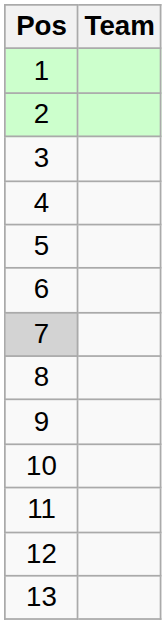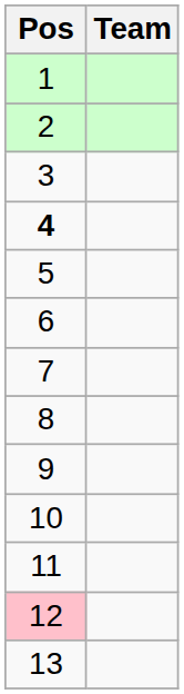 <table class="wikitable" style="text-align:center;">
 <tr>
 <th width="35">Pos</th>
 <th>Team</th>
 </tr>
 <tr bgcolor="ccffcc">
 <td>1</td>
 <td align="left"></td>
 </tr>
 <tr bgcolor="ccffcc">
 <td>2</td>
 <td align="left"></td>
 </tr>
 <tr>
 <td>3</td>
 <td align="left"></td>
 </tr>
 <tr>
-<td>4</td>
+<td><strong>4</strong></td>
 <td align="left"></td>
 </tr>
 <tr>
 <td>5</td>
 <td align="left"></td>
 </tr>
 <tr>
 <td>6</td>
 <td align="left"></td>
 </tr>
 <tr>
-<td style="background: lightgrey;">7</td>
+<td>7</td>
 <td align="left"></td>
 </tr>
 <tr>
 <td>8</td>
 <td align="left"></td>
 </tr>
 <tr>
 <td>9</td>
 <td align="left"></td>
 </tr>
 <tr>
 <td>10</td>
 <td align="left"></td>
 </tr>
 <tr>
 <td>11</td>
 <td align="left"></td>
 </tr>
 <tr>
-<td>12</td>
+<td style="background: pink;">12</td>
 <td align="left"></td>
 </tr>
 <tr>
 <td>13</td>
 <td align="left"></td>
 </tr>
 </table>
